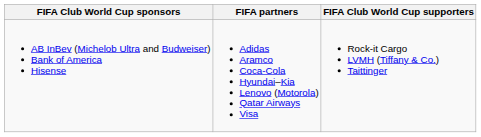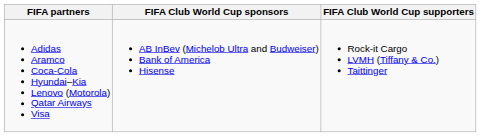 <table class="wikitable sortable">
 <tr>
+<th>FIFA partners</th>
 <th>FIFA Club World Cup sponsors</th>
-<th>FIFA partners</th>
 <th>FIFA Club World Cup supporters</th>
 </tr>
 <tr>
+<td style="vertical-align:top"><br><ul><li><a href='#'>Adidas</a></li><li><a href='#'>Aramco</a></li><li><a href='#'>Coca-Cola</a></li><li><a href='#'>Hyundai</a>–<a href='#'>Kia</a></li><li><a href='#'>Lenovo</a> (<a href='#'>Motorola</a>)</li><li><span><a href='#'>Qatar Airways</a></span></li><li><a href='#'>Visa</a></li></ul></td>
 <td style="vertical-align:top;"><br><ul><li><a href='#'>AB InBev</a> (<a href='#'>Michelob Ultra</a> and <a href='#'>Budweiser</a>)</li><li><a href='#'>Bank of America</a></li><li><a href='#'>Hisense</a></li></ul></td>
-<td style="vertical-align:top"><br><ul><li><a href='#'>Adidas</a></li><li><a href='#'>Aramco</a></li><li><a href='#'>Coca-Cola</a></li><li><a href='#'>Hyundai</a>–<a href='#'>Kia</a></li><li><a href='#'>Lenovo</a> (<a href='#'>Motorola</a>)</li><li><span><a href='#'>Qatar Airways</a></span></li><li><a href='#'>Visa</a></li></ul></td>
 <td style="vertical-align:top;"><br><ul><li>Rock-it Cargo</li><li><a href='#'>LVMH</a> (<a href='#'>Tiffany & Co.</a>)</li><li><a href='#'>Taittinger</a></li></ul></td>
 </tr>
 </table>
